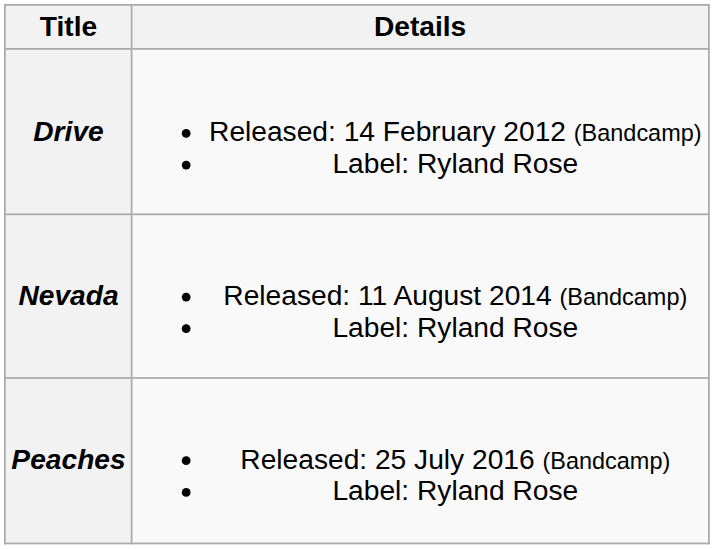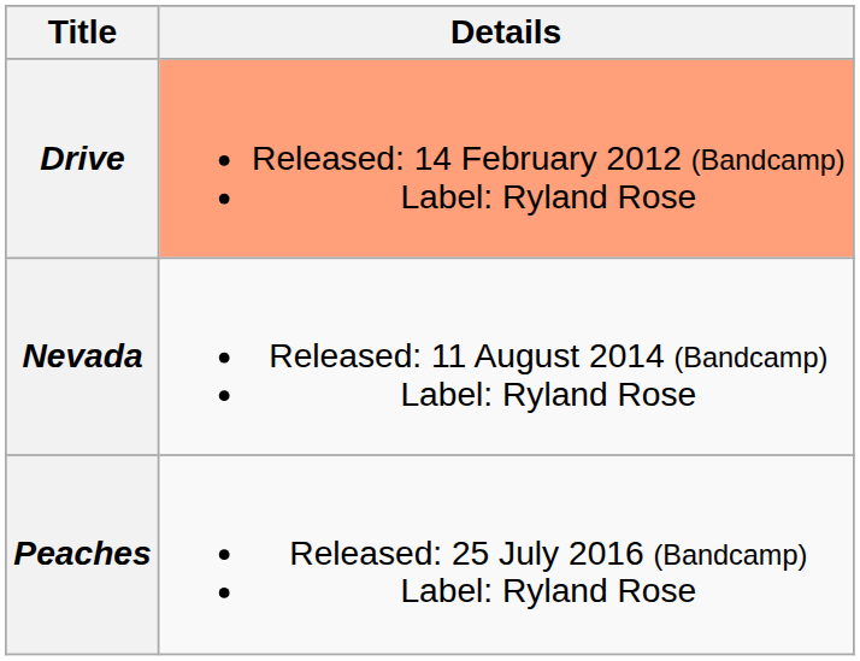 <table class="wikitable plainrowheaders" style="text-align:center;">
 <tr>
 <th>Title</th>
 <th>Details</th>
 </tr>
 <tr>
 <th scope="row"><em>Drive</em></th>
-<td><br><ul><li>Released: 14 February 2012 <small>(Bandcamp)</small></li><li>Label: Ryland Rose</li></ul></td>
+<td style="background: lightsalmon;"><br><ul><li>Released: 14 February 2012 <small>(Bandcamp)</small></li><li>Label: Ryland Rose</li></ul></td>
 </tr>
 <tr>
 <th scope="row"><em>Nevada</em></th>
 <td><br><ul><li>Released: 11 August 2014 <small>(Bandcamp)</small></li><li>Label: Ryland Rose</li></ul></td>
 </tr>
 <tr>
 <th scope="row"><em>Peaches</em></th>
 <td><br><ul><li>Released: 25 July 2016 <small>(Bandcamp)</small></li><li>Label: Ryland Rose</li></ul></td>
 </tr>
 </table>
